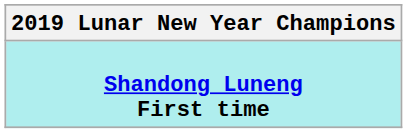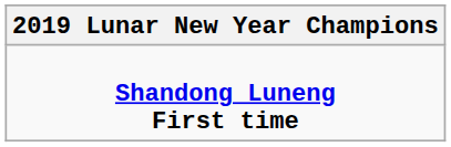 <table class="wikitable" style="text-align: center; margin: 0 auto;">
 <tr>
 <th>2019 Lunar New Year Champions</th>
 </tr>
 <tr>
-<td style="background: paleturquoise;"><br><strong> <a href='#'>Shandong Luneng</a></strong><br><strong>First time</strong></td>
+<td><br><strong> <a href='#'>Shandong Luneng</a></strong><br><strong>First time</strong></td>
 </tr>
 </table>
